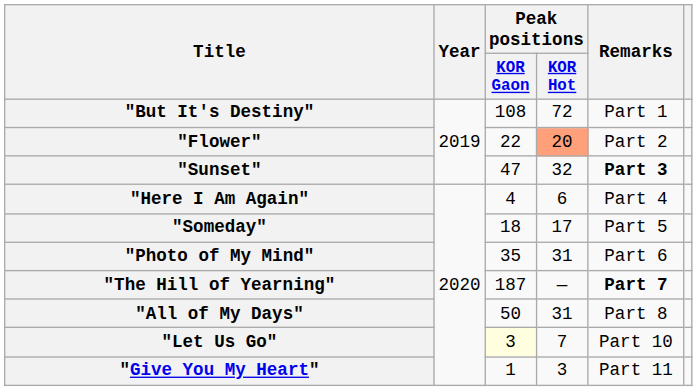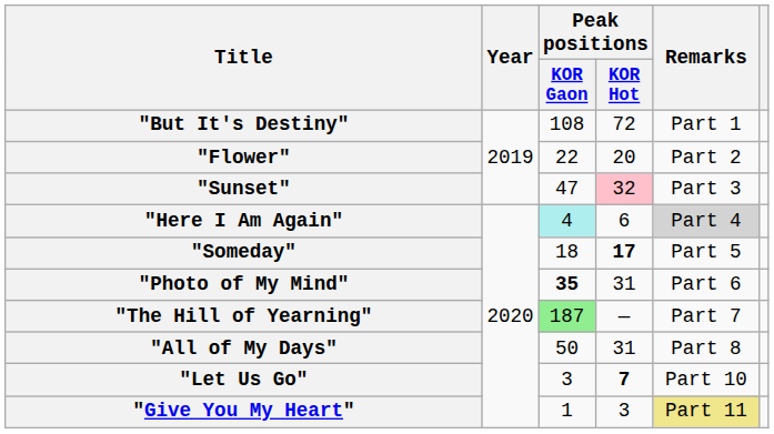 <table class="wikitable plainrowheaders" style="text-align:center;">
 <tr>
 <th rowspan="2" scope="col" style="width:24em;">Title</th>
 <th rowspan="2" scope="col" style="width:2em;">Year</th>
 <th colspan="2" scope="col">Peak<br>positions</th>
 <th rowspan="2" scope="col" style="width:5em;">Remarks</th>
 <th rowspan="2"></th>
 </tr>
 <tr>
 <th scope="col" style="width:2.5em;font-size:90%;"><a href='#'>KOR<br>Gaon</a></th>
 <th scope="col" style="width:2.5em;font-size:90%;"><a href='#'>KOR<br>Hot</a></th>
 </tr>
 <tr>
 <th scope="row">"But It's Destiny" </th>
 <td rowspan="3">2019</td>
 <td>108</td>
 <td>72</td>
 <td>Part 1</td>
 <td></td>
 </tr>
 <tr>
 <th scope="row">"Flower" </th>
 <td>22</td>
-<td style="background: lightsalmon;">20</td>
+<td>20</td>
 <td>Part 2</td>
 <td></td>
 </tr>
 <tr>
 <th scope="row">"Sunset" </th>
 <td>47</td>
-<td>32</td>
-<td><strong>Part 3</strong></td>
+<td style="background: pink;">32</td>
+<td>Part 3</td>
 <td></td>
 </tr>
 <tr>
 <th scope="row">"Here I Am Again" </th>
 <td rowspan="7">2020</td>
-<td>4</td>
+<td style="background: paleturquoise;">4</td>
 <td>6</td>
-<td>Part 4</td>
+<td style="background: lightgrey;">Part 4</td>
 <td></td>
 </tr>
 <tr>
 <th scope="row">"Someday" </th>
 <td>18</td>
-<td>17</td>
+<td><strong>17</strong></td>
 <td>Part 5</td>
 <td></td>
 </tr>
 <tr>
 <th scope="row">"Photo of My Mind" </th>
-<td>35</td>
+<td><strong>35</strong></td>
 <td>31</td>
 <td>Part 6</td>
 <td></td>
 </tr>
 <tr>
 <th scope="row">"The Hill of Yearning" </th>
-<td>187</td>
+<td style="background: lightgreen;">187</td>
 <td>—</td>
-<td><strong>Part 7</strong></td>
+<td>Part 7</td>
 <td></td>
 </tr>
 <tr>
 <th scope="row">"All of My Days" </th>
 <td>50</td>
 <td>31</td>
 <td>Part 8</td>
 <td></td>
 </tr>
 <tr>
 <th scope="row">"Let Us Go" </th>
-<td style="background: lightyellow;">3</td>
-<td>7</td>
+<td>3</td>
+<td><strong>7</strong></td>
 <td>Part 10</td>
 <td></td>
 </tr>
 <tr>
 <th scope="row">"<a href='#'>Give You My Heart</a>" </th>
 <td>1</td>
 <td>3</td>
-<td>Part 11</td>
+<td style="background: khaki;">Part 11</td>
 <td></td>
 </tr>
 </table>
